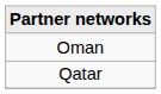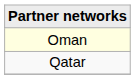 <table class="wikitable" style="float:right; margin-left:1em; text-align: center;">
 <tr>
 <th style="background:#ececec;" colspan="1">Partner networks</th>
 </tr>
 <tr>
-<td>Oman</td>
+<td style="background: lightyellow;">Oman</td>
 </tr>
 <tr>
 <td>Qatar</td>
 </tr>
 <tr>
 </tr>
 </table>
